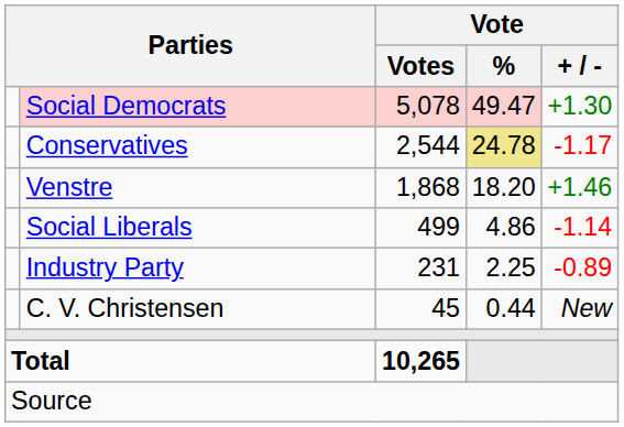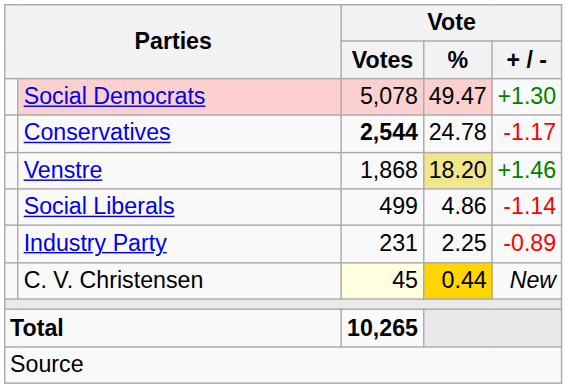 <table class="wikitable" style="text-align:right;">
 <tr>
 <th style="text-align:centre;" rowspan="2" colspan="2" width="225">Parties</th>
 <th colspan="3">Vote</th>
 </tr>
 <tr>
 <th width="15">Votes</th>
 <th width="15">%</th>
 <th width="15">+ / -</th>
 </tr>
 <tr>
 <td width="2" style="color:inherit;background:"></td>
 <td bgcolor=#fbd0ce  align="left"><a href='#'>Social Democrats</a></td>
 <td bgcolor=#fbd0ce>5,078</td>
 <td bgcolor=#fbd0ce>49.47</td>
 <td style=color:green;>+1.30</td>
 </tr>
 <tr>
 <td width="2" style="color:inherit;background:"></td>
 <td align="left"><a href='#'>Conservatives</a></td>
-<td>2,544</td>
-<td style="background: khaki;">24.78</td>
+<td><strong>2,544</strong></td>
+<td>24.78</td>
 <td style=color:red;>-1.17</td>
 </tr>
 <tr>
 <td width="2" style="color:inherit;background:"></td>
 <td align="left"><a href='#'>Venstre</a></td>
 <td>1,868</td>
-<td>18.20</td>
+<td style="background: khaki;">18.20</td>
 <td style=color:green;>+1.46</td>
 </tr>
 <tr>
 <td width="2" style="color:inherit;background:"></td>
 <td align="left"><a href='#'>Social Liberals</a></td>
 <td>499</td>
 <td>4.86</td>
 <td style=color:red;>-1.14</td>
 </tr>
 <tr>
 <td width="2" style="color:inherit;background:"></td>
 <td align="left"><a href='#'>Industry Party</a></td>
 <td>231</td>
 <td>2.25</td>
 <td style=color:red;>-0.89</td>
 </tr>
 <tr>
 <td width="2" style="color:inherit;background:"></td>
 <td align="left">C. V. Christensen</td>
-<td>45</td>
-<td>0.44</td>
+<td style="background: lightyellow;">45</td>
+<td style="background: gold;">0.44</td>
 <td><em>New</em></td>
 </tr>
 <tr>
 <td colspan="7" bgcolor="#E9E9E9"></td>
 </tr>
 <tr>
 <td align="left" colspan="2"><strong>Total</strong></td>
 <td><strong>10,265</strong></td>
 <td bgcolor="#E9E9E9" colspan="2"></td>
 </tr>
 <tr>
 <td align="left" colspan="6">Source</td>
 </tr>
 </table>
